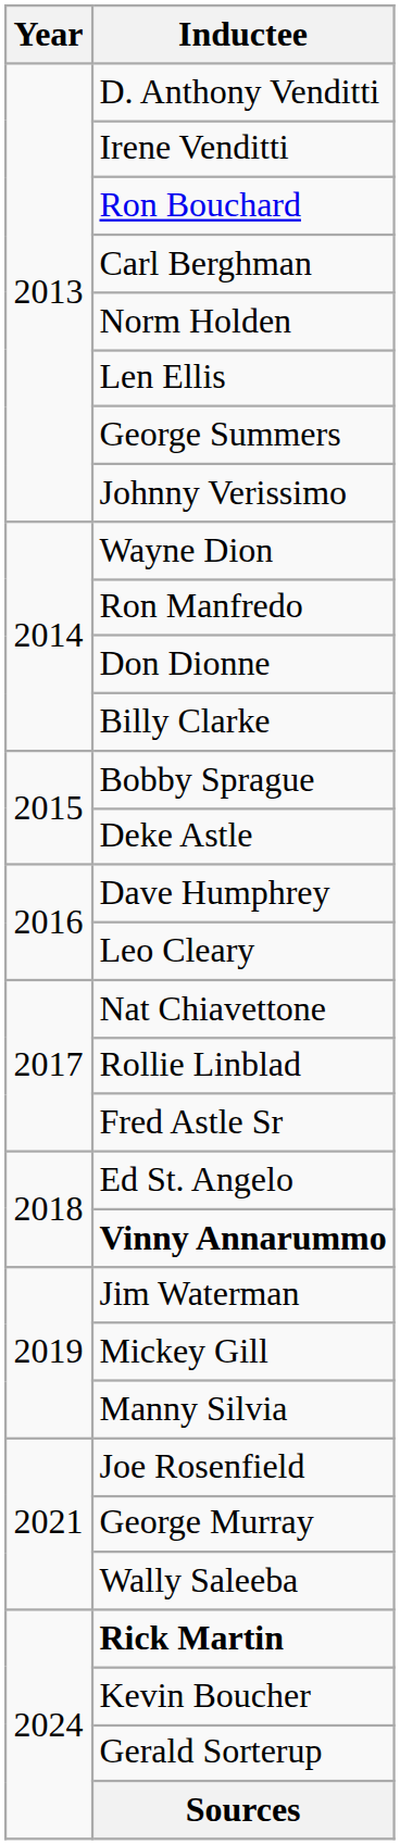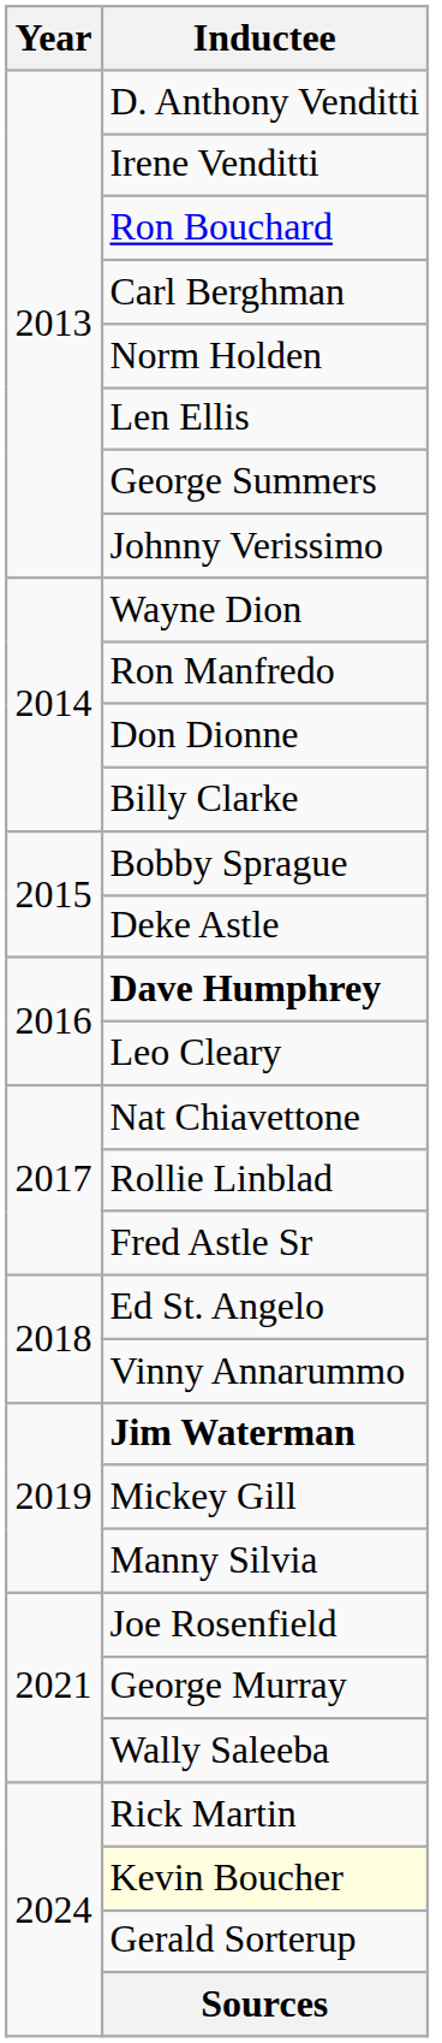 <table class="wikitable" style="font-size: 90%;">
 <tr>
 <th>Year</th>
 <th>Inductee</th>
 </tr>
 <tr>
 <td rowspan=8>2013</td>
 <td>D. Anthony Venditti</td>
 </tr>
 <tr>
 <td>Irene Venditti</td>
 </tr>
 <tr>
 <td><a href='#'>Ron Bouchard</a></td>
 </tr>
 <tr>
 <td>Carl Berghman</td>
 </tr>
 <tr>
 <td>Norm Holden</td>
 </tr>
 <tr>
 <td>Len Ellis</td>
 </tr>
 <tr>
 <td>George Summers</td>
 </tr>
 <tr>
 <td>Johnny Verissimo</td>
 </tr>
 <tr>
 <td rowspan=4>2014</td>
 <td>Wayne Dion</td>
 </tr>
 <tr>
 <td>Ron Manfredo</td>
 </tr>
 <tr>
 <td>Don Dionne</td>
 </tr>
 <tr>
 <td>Billy Clarke</td>
 </tr>
 <tr>
 <td rowspan=2>2015</td>
 <td>Bobby Sprague</td>
 </tr>
 <tr>
 <td>Deke Astle</td>
 </tr>
 <tr>
 <td rowspan=2>2016</td>
-<td>Dave Humphrey</td>
+<td><strong>Dave Humphrey</strong></td>
 </tr>
 <tr>
 <td>Leo Cleary</td>
 </tr>
 <tr>
 <td rowspan=3>2017</td>
 <td>Nat Chiavettone</td>
 </tr>
 <tr>
 <td>Rollie Linblad</td>
 </tr>
 <tr>
 <td>Fred Astle Sr</td>
 </tr>
 <tr>
 <td rowspan=2>2018</td>
 <td>Ed St. Angelo</td>
 </tr>
 <tr>
-<td><strong>Vinny Annarummo</strong></td>
+<td>Vinny Annarummo</td>
 </tr>
 <tr>
 <td rowspan=3>2019</td>
-<td>Jim Waterman</td>
+<td><strong>Jim Waterman</strong></td>
 </tr>
 <tr>
 <td>Mickey Gill</td>
 </tr>
 <tr>
 <td>Manny Silvia</td>
 </tr>
 <tr>
 <td rowspan=3>2021</td>
 <td>Joe Rosenfield</td>
 </tr>
 <tr>
 <td>George Murray</td>
 </tr>
 <tr>
 <td>Wally Saleeba</td>
 </tr>
 <tr>
 <td rowspan=5>2024</td>
-<td><strong>Rick Martin</strong></td>
+<td>Rick Martin</td>
 </tr>
 <tr>
-<td>Kevin Boucher</td>
+<td style="background: lightyellow;">Kevin Boucher</td>
 </tr>
 <tr>
 <td>Gerald Sorterup</td>
 </tr>
 <tr>
 <th colspan=2>Sources</th>
 </tr>
 </table>
